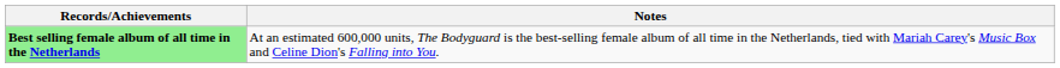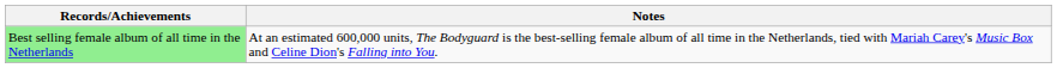 <table class="wikitable sortable plainrowheaders">
 <tr>
 <th scope="col" width=20%>Records/Achievements</th>
 <th scope="col" width=67%>Notes</th>
 </tr>
 <tr>
-<td style="background-color: #90EE90;"><strong>Best selling female album of all time in the <a href='#'>Netherlands</a></strong></td>
+<td style="background-color: #90EE90;">Best selling female album of all time in the <a href='#'>Netherlands</a></td>
 <td>At an estimated 600,000 units, <em>The Bodyguard</em> is the best-selling female album of all time in the Netherlands, tied with <a href='#'>Mariah Carey</a>'s <em><a href='#'>Music Box</a></em> and <a href='#'>Celine Dion</a>'s <em><a href='#'>Falling into You</a></em>.</td>
 </tr>
 </table>
